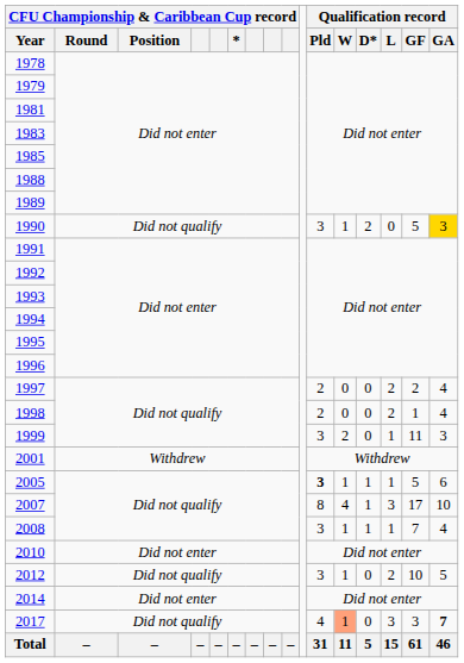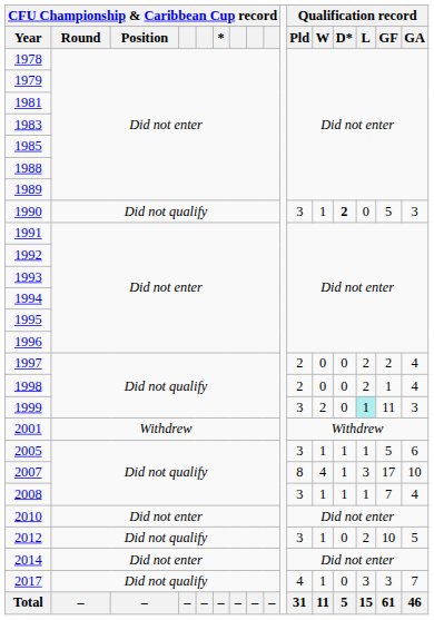 <table class="wikitable" style="text-align: center;">
 <tr>
 <th colspan=9><a href='#'>CFU Championship</a> & <a href='#'>Caribbean Cup</a> record</th>
 <td rowspan=28></td>
 <th colspan=6>Qualification record</th>
 </tr>
 <tr>
 <th>Year</th>
 <th>Round</th>
 <th>Position</th>
 <th></th>
 <th></th>
 <th>*</th>
 <th></th>
 <th></th>
 <th></th>
 <th>Pld</th>
 <th>W</th>
 <th>D*</th>
 <th>L</th>
 <th>GF</th>
 <th>GA</th>
 </tr>
 <tr>
 <td> <a href='#'>1978</a></td>
 <td colspan=8 rowspan=7><em>Did not enter</em></td>
 <td colspan=6 rowspan=7><em>Did not enter</em></td>
 </tr>
 <tr>
 <td> <a href='#'>1979</a></td>
 </tr>
 <tr>
 <td> <a href='#'>1981</a></td>
 </tr>
 <tr>
 <td> <a href='#'>1983</a></td>
 </tr>
 <tr>
 <td> <a href='#'>1985</a></td>
 </tr>
 <tr>
 <td> <a href='#'>1988</a></td>
 </tr>
 <tr>
 <td> <a href='#'>1989</a></td>
 </tr>
 <tr>
 <td> <a href='#'>1990</a></td>
 <td colspan=8><em>Did not qualify</em></td>
 <td>3</td>
 <td>1</td>
-<td>2</td>
+<td><strong>2</strong></td>
 <td>0</td>
 <td>5</td>
-<td style="background: gold;">3</td>
+<td>3</td>
 </tr>
 <tr>
 <td> <a href='#'>1991</a></td>
 <td colspan=8 rowspan=6><em>Did not enter</em></td>
 <td colspan=6 rowspan=6><em>Did not enter</em></td>
 </tr>
 <tr>
 <td> <a href='#'>1992</a></td>
 </tr>
 <tr>
 <td> <a href='#'>1993</a></td>
 </tr>
 <tr>
 <td> <a href='#'>1994</a></td>
 </tr>
 <tr>
 <td>  <a href='#'>1995</a></td>
 </tr>
 <tr>
 <td> <a href='#'>1996</a></td>
 </tr>
 <tr>
 <td>  <a href='#'>1997</a></td>
 <td colspan=8 rowspan=3><em>Did not qualify</em></td>
 <td>2</td>
 <td>0</td>
 <td>0</td>
 <td>2</td>
 <td>2</td>
 <td>4</td>
 </tr>
 <tr>
 <td>  <a href='#'>1998</a></td>
 <td>2</td>
 <td>0</td>
 <td>0</td>
 <td>2</td>
 <td>1</td>
 <td>4</td>
 </tr>
 <tr>
 <td> <a href='#'>1999</a></td>
 <td>3</td>
 <td>2</td>
 <td>0</td>
-<td>1</td>
+<td style="background: paleturquoise;">1</td>
 <td>11</td>
 <td>3</td>
 </tr>
 <tr>
 <td> <a href='#'>2001</a></td>
 <td colspan=8><em>Withdrew</em></td>
 <td colspan=6><em>Withdrew</em></td>
 </tr>
 <tr>
 <td> <a href='#'>2005</a></td>
 <td colspan=8 rowspan=3><em>Did not qualify</em></td>
-<td><strong>3</strong></td>
+<td>3</td>
 <td>1</td>
 <td>1</td>
 <td>1</td>
 <td>5</td>
 <td>6</td>
 </tr>
 <tr>
 <td> <a href='#'>2007</a></td>
 <td>8</td>
 <td>4</td>
 <td>1</td>
 <td>3</td>
 <td>17</td>
 <td>10</td>
 </tr>
 <tr>
 <td> <a href='#'>2008</a></td>
 <td>3</td>
 <td>1</td>
 <td>1</td>
 <td>1</td>
 <td>7</td>
 <td>4</td>
 </tr>
 <tr>
 <td> <a href='#'>2010</a></td>
 <td colspan=8><em>Did not enter</em></td>
 <td colspan=6><em>Did not enter</em></td>
 </tr>
 <tr>
 <td> <a href='#'>2012</a></td>
 <td colspan=8><em>Did not qualify</em></td>
 <td>3</td>
 <td>1</td>
 <td>0</td>
 <td>2</td>
 <td>10</td>
 <td>5</td>
 </tr>
 <tr>
 <td> <a href='#'>2014</a></td>
 <td colspan=8><em>Did not enter</em></td>
 <td colspan=6><em>Did not enter</em></td>
 </tr>
 <tr>
 <td> <a href='#'>2017</a></td>
 <td colspan=8><em>Did not qualify</em></td>
 <td>4</td>
-<td style="background: lightsalmon;">1</td>
+<td>1</td>
 <td>0</td>
 <td>3</td>
 <td>3</td>
-<td><strong>7</strong></td>
+<td>7</td>
 </tr>
 <tr>
 <th>Total</th>
 <th>–</th>
 <th>–</th>
 <th>–</th>
 <th>–</th>
 <th>–</th>
 <th>–</th>
 <th>–</th>
 <th>–</th>
 <th>31</th>
 <th>11</th>
 <th>5</th>
 <th>15</th>
 <th>61</th>
 <th>46</th>
 </tr>
 </table>
